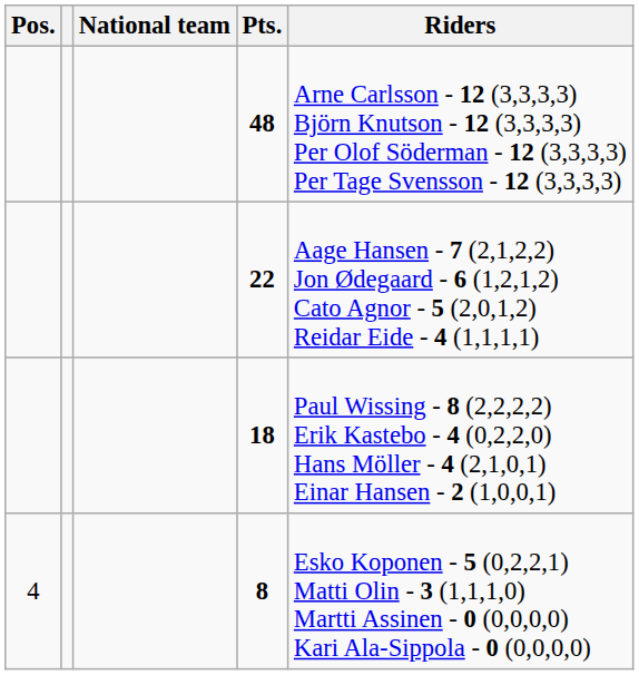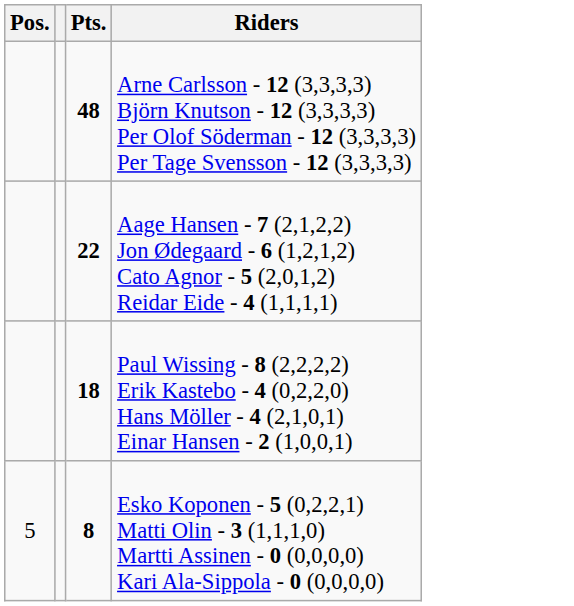 <table class=wikitable style="font-size:93%;">
 <tr>
 <th>Pos.</th>
 <th></th>
-<th>National team</th>
 <th>Pts.</th>
 <th>Riders</th>
 </tr>
 <tr align=center >
 <td></td>
 <td></td>
-<td align=left></td>
 <td><strong>48</strong></td>
 <td align=left><br><a href='#'>Arne Carlsson</a> - <strong>12</strong> (3,3,3,3)<br> <a href='#'>Björn Knutson</a> - <strong>12</strong> (3,3,3,3)<br> <a href='#'>Per Olof Söderman</a> - <strong>12</strong> (3,3,3,3)<br> <a href='#'>Per Tage Svensson</a> - <strong>12</strong> (3,3,3,3)<br></td>
 </tr>
 <tr align=center >
 <td></td>
 <td></td>
-<td align=left></td>
 <td><strong>22</strong></td>
 <td align=left><br><a href='#'>Aage Hansen</a> - <strong>7</strong> (2,1,2,2)<br> <a href='#'>Jon Ødegaard</a> - <strong>6</strong> (1,2,1,2)<br> <a href='#'>Cato Agnor</a> - <strong>5</strong> (2,0,1,2)<br> <a href='#'>Reidar Eide</a> - <strong>4</strong> (1,1,1,1)<br></td>
 </tr>
 <tr align=center >
 <td></td>
 <td></td>
-<td align=left></td>
 <td><strong>18</strong></td>
 <td align=left><br><a href='#'>Paul Wissing</a> - <strong>8</strong> (2,2,2,2)<br> <a href='#'>Erik Kastebo</a> - <strong>4</strong> (0,2,2,0)<br> <a href='#'>Hans Möller</a> - <strong>4</strong> (2,1,0,1)<br> <a href='#'>Einar Hansen</a> - <strong>2</strong> (1,0,0,1)<br></td>
 </tr>
 <tr align=center>
-<td>4</td>
+<td>5</td>
 <td></td>
-<td align=left></td>
 <td><strong>8</strong></td>
 <td align=left><br><a href='#'>Esko Koponen</a> - <strong>5</strong> (0,2,2,1)<br> <a href='#'>Matti Olin</a> - <strong>3</strong> (1,1,1,0)<br> <a href='#'>Martti Assinen</a> - <strong>0</strong> (0,0,0,0)<br> <a href='#'>Kari Ala-Sippola</a> - <strong>0</strong> (0,0,0,0)<br></td>
 </tr>
 </table>
